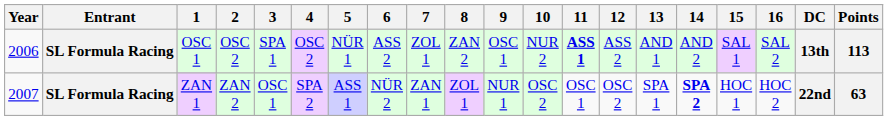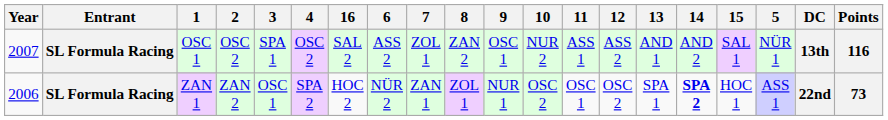 <table class="wikitable" style="text-align:center; font-size:85%">
 <tr>
 <th>Year</th>
 <th>Entrant</th>
 <th>1</th>
 <th>2</th>
 <th>3</th>
 <th>4</th>
-<th>5</th>
+<th>16</th>
 <th>6</th>
 <th>7</th>
 <th>8</th>
 <th>9</th>
 <th>10</th>
 <th>11</th>
 <th>12</th>
 <th>13</th>
 <th>14</th>
 <th>15</th>
-<th>16</th>
+<th>5</th>
 <th>DC</th>
 <th>Points</th>
 </tr>
 <tr>
-<td><a href='#'>2006</a></td>
+<td><a href='#'>2007</a></td>
 <th nowrap>SL Formula Racing</th>
 <td style="background:#dfffdf;"><a href='#'>OSC<br>1</a><br></td>
 <td style="background:#dfffdf;"><a href='#'>OSC<br>2</a><br></td>
 <td style="background:#dfffdf;"><a href='#'>SPA<br>1</a><br></td>
 <td style="background:#efcfff;"><a href='#'>OSC<br>2</a><br></td>
-<td style="background:#dfffdf;"><a href='#'>NÜR<br>1</a><br></td>
+<td style="background:#dfffdf;"><a href='#'>SAL<br>2</a><br></td>
 <td style="background:#dfffdf;"><a href='#'>ASS<br>2</a><br></td>
 <td style="background:#dfffdf;"><a href='#'>ZOL<br>1</a><br></td>
 <td style="background:#dfffdf;"><a href='#'>ZAN<br>2</a><br></td>
 <td style="background:#dfffdf;"><a href='#'>OSC<br>1</a><br></td>
 <td style="background:#dfffdf;"><a href='#'>NUR<br>2</a><br></td>
-<td style="background:#dfffdf;"><strong><a href='#'>ASS<br>1</a><br></strong></td>
+<td style="background:#dfffdf;"><a href='#'>ASS<br>1</a><br></td>
 <td style="background:#dfffdf;"><a href='#'>ASS<br>2</a><br></td>
 <td style="background:#dfffdf;"><a href='#'>AND<br>1</a><br></td>
 <td style="background:#dfffdf;"><a href='#'>AND<br>2</a><br></td>
 <td style="background:#efcfff;"><a href='#'>SAL<br>1</a><br></td>
-<td style="background:#dfffdf;"><a href='#'>SAL<br>2</a><br></td>
+<td style="background:#dfffdf;"><a href='#'>NÜR<br>1</a><br></td>
 <th>13th</th>
-<th>113</th>
+<th>116</th>
 </tr>
 <tr>
-<td><a href='#'>2007</a></td>
+<td><a href='#'>2006</a></td>
 <th nowrap>SL Formula Racing</th>
 <td style="background:#efcfff;"><a href='#'>ZAN<br>1</a><br></td>
 <td style="background:#dfffdf;"><a href='#'>ZAN<br>2</a><br></td>
 <td style="background:#dfffdf;"><a href='#'>OSC<br>1</a><br></td>
 <td style="background:#efcfff;"><a href='#'>SPA<br>2</a><br></td>
-<td style="background:#cfcfff;"><a href='#'>ASS<br>1</a><br></td>
+<td style="background:#;"><a href='#'>HOC<br>2</a><br></td>
 <td style="background:#dfffdf;"><a href='#'>NÜR<br>2</a><br></td>
 <td style="background:#dfffdf;"><a href='#'>ZAN<br>1</a><br></td>
 <td style="background:#efcfff;"><a href='#'>ZOL<br>1</a><br></td>
 <td style="background:#dfffdf;"><a href='#'>NUR<br>1</a><br></td>
 <td style="background:#dfffdf;"><a href='#'>OSC<br>2</a><br></td>
 <td style="background:#;"><a href='#'>OSC<br>1</a><br></td>
 <td style="background:#;"><a href='#'>OSC<br>2</a><br></td>
 <td style="background:#;"><a href='#'>SPA<br>1</a><br></td>
 <td style="background:#;"><strong><a href='#'>SPA<br>2</a><br></strong></td>
 <td style="background:#;"><a href='#'>HOC<br>1</a><br></td>
-<td style="background:#;"><a href='#'>HOC<br>2</a><br></td>
+<td style="background:#cfcfff;"><a href='#'>ASS<br>1</a><br></td>
 <th>22nd</th>
-<th>63</th>
+<th>73</th>
 </tr>
 </table>
